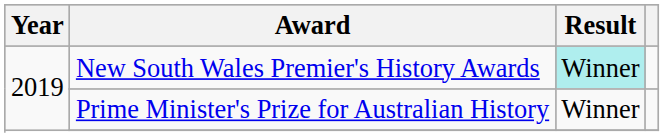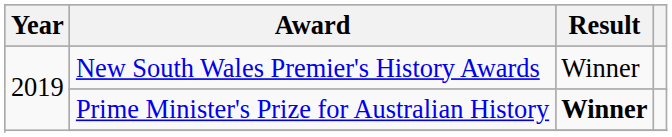 <table class="wikitable">
 <tr>
 <th>Year</th>
 <th>Award</th>
 <th>Result</th>
 <th></th>
 </tr>
 <tr>
 <td rowspan="4">2019</td>
 <td><a href='#'>New South Wales Premier's History Awards</a></td>
-<td style="background: paleturquoise;">Winner</td>
+<td>Winner</td>
 <td></td>
 </tr>
 <tr>
 <td><a href='#'>Prime Minister's Prize for Australian History</a></td>
-<td>Winner</td>
+<td><strong>Winner</strong></td>
 <td></td>
 </tr>
 <tr>
 </tr>
 </table>
